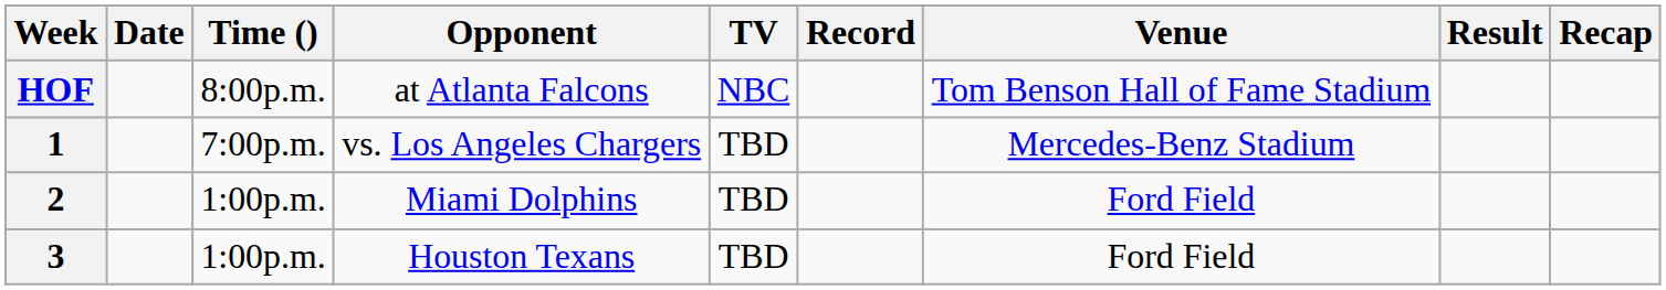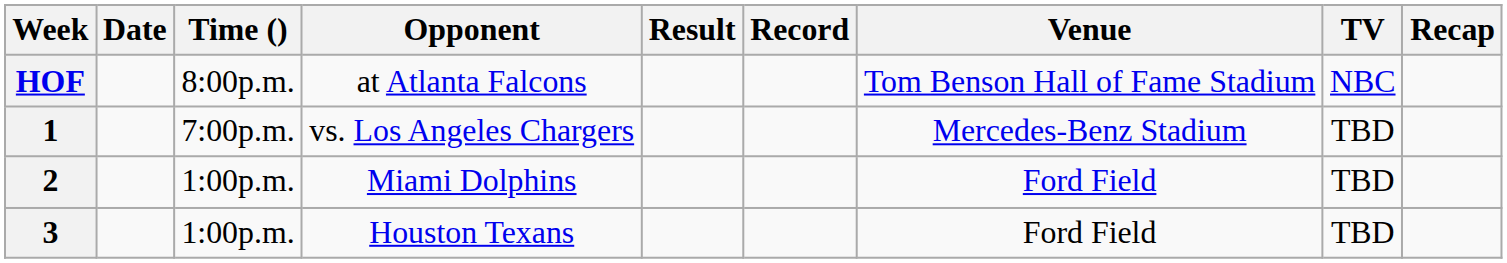 <table class="wikitable" style="text-align:center">
 <tr>
 <th>Week</th>
 <th>Date</th>
 <th>Time (<a href='#'></a>)</th>
 <th>Opponent</th>
-<th>TV</th>
+<th>Result</th>
 <th>Record</th>
 <th>Venue</th>
-<th>Result</th>
+<th>TV</th>
 <th>Recap</th>
 </tr>
 <tr>
 <th><a href='#'>HOF</a></th>
 <td></td>
 <td>8:00p.m.</td>
 <td>at <a href='#'>Atlanta Falcons</a></td>
-<td><a href='#'>NBC</a></td>
+<td></td>
 <td></td>
 <td><a href='#'>Tom Benson Hall of Fame Stadium</a></td>
-<td></td>
+<td><a href='#'>NBC</a></td>
 <td></td>
 </tr>
 <tr>
 <th>1</th>
 <td></td>
 <td>7:00p.m.</td>
 <td>vs. <a href='#'>Los Angeles Chargers</a></td>
-<td>TBD</td>
+<td></td>
 <td></td>
 <td><a href='#'>Mercedes-Benz Stadium</a></td>
-<td></td>
+<td>TBD</td>
 <td></td>
 </tr>
 <tr>
 <th>2</th>
 <td></td>
 <td>1:00p.m.</td>
 <td><a href='#'>Miami Dolphins</a></td>
-<td>TBD</td>
+<td></td>
 <td></td>
 <td><a href='#'>Ford Field</a></td>
-<td></td>
+<td>TBD</td>
 <td></td>
 </tr>
 <tr>
 <th>3</th>
 <td></td>
 <td>1:00p.m.</td>
 <td><a href='#'>Houston Texans</a></td>
-<td>TBD</td>
+<td></td>
 <td></td>
 <td>Ford Field</td>
-<td></td>
+<td>TBD</td>
 <td></td>
 </tr>
 </table>
